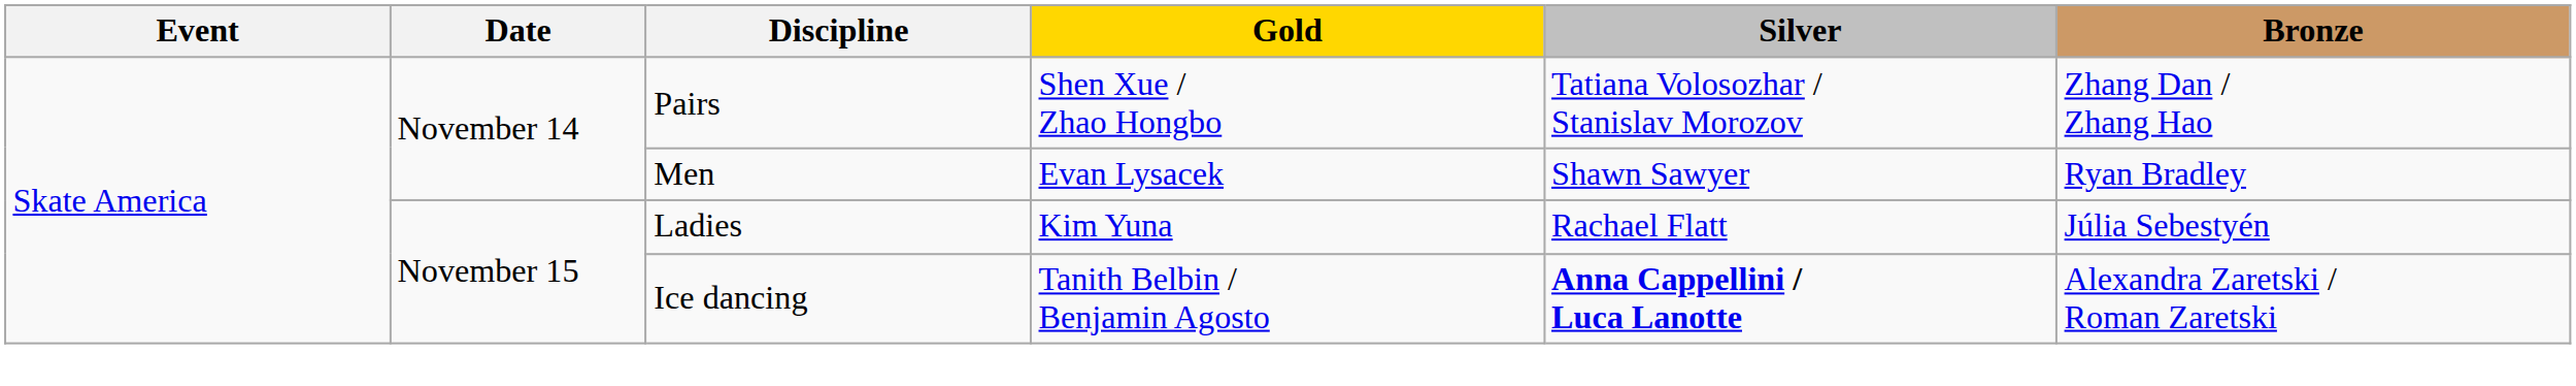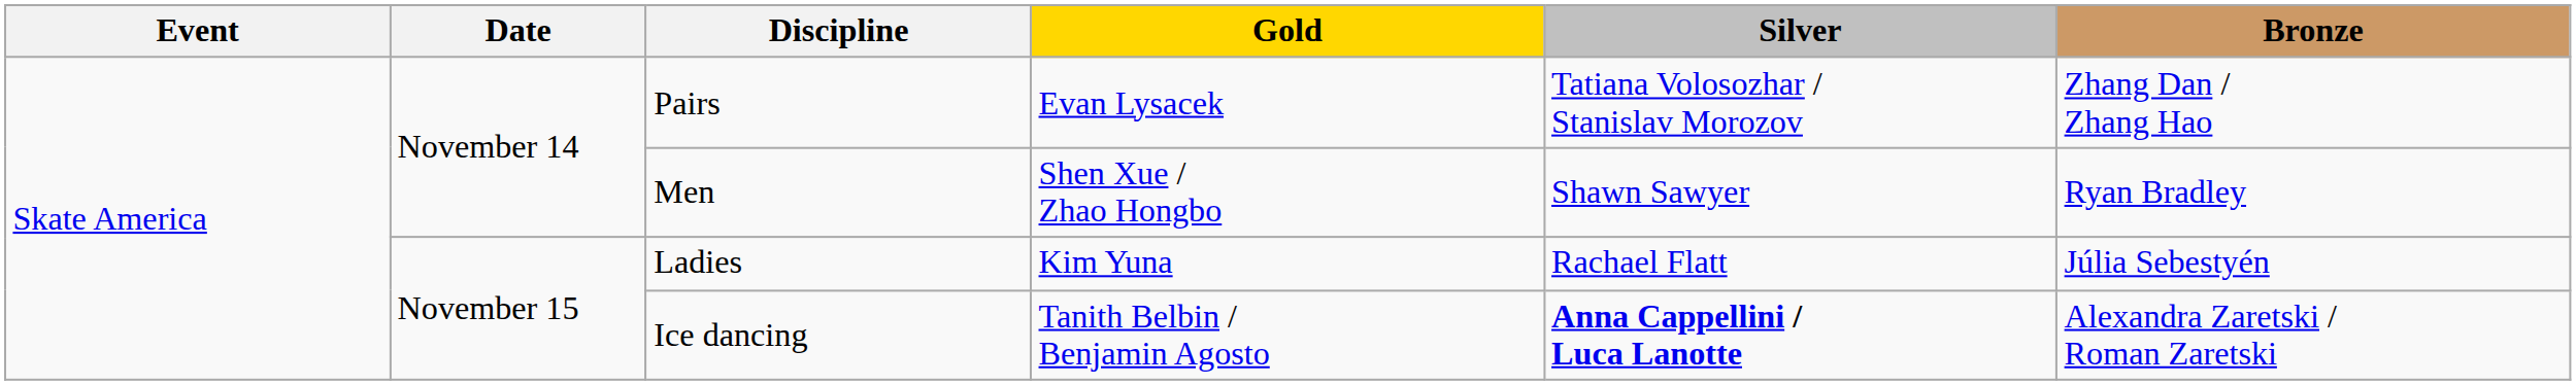 <table class="wikitable" width="98%">
 <tr>
 <th width="15%">Event</th>
 <th width="10%">Date</th>
 <th width="15%">Discipline</th>
 <td width = "20%" align="center" bgcolor="gold"><strong>Gold</strong></td>
 <td width = "20%" align="center" bgcolor="silver"><strong>Silver</strong></td>
 <td width = "20%" align="center" bgcolor="cc9966"><strong>Bronze</strong></td>
 </tr>
 <tr>
 <td rowspan="4"> <a href='#'>Skate America</a></td>
 <td rowspan="2">November 14</td>
 <td>Pairs</td>
-<td> <a href='#'>Shen Xue</a> / <br> <a href='#'>Zhao Hongbo</a></td>
+<td> <a href='#'>Evan Lysacek</a></td>
 <td> <a href='#'>Tatiana Volosozhar</a> / <br> <a href='#'>Stanislav Morozov</a></td>
 <td> <a href='#'>Zhang Dan</a> / <br> <a href='#'>Zhang Hao</a></td>
 </tr>
 <tr>
 <td>Men</td>
-<td> <a href='#'>Evan Lysacek</a></td>
+<td> <a href='#'>Shen Xue</a> / <br> <a href='#'>Zhao Hongbo</a></td>
 <td> <a href='#'>Shawn Sawyer</a></td>
 <td> <a href='#'>Ryan Bradley</a></td>
 </tr>
 <tr>
 <td rowspan="2">November 15</td>
 <td>Ladies</td>
 <td> <a href='#'>Kim Yuna</a></td>
 <td> <a href='#'>Rachael Flatt</a></td>
 <td> <a href='#'>Júlia Sebestyén</a></td>
 </tr>
 <tr>
 <td>Ice dancing</td>
 <td> <a href='#'>Tanith Belbin</a> / <br> <a href='#'>Benjamin Agosto</a></td>
 <td><strong> <a href='#'>Anna Cappellini</a> / <br> <a href='#'>Luca Lanotte</a></strong></td>
 <td> <a href='#'>Alexandra Zaretski</a> / <br>  <a href='#'>Roman Zaretski</a></td>
 </tr>
 </table>
